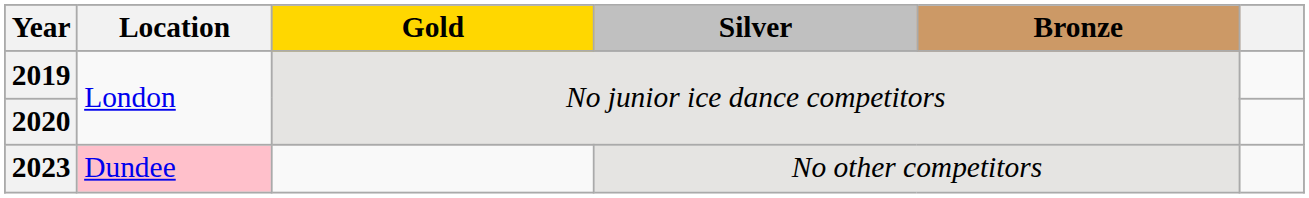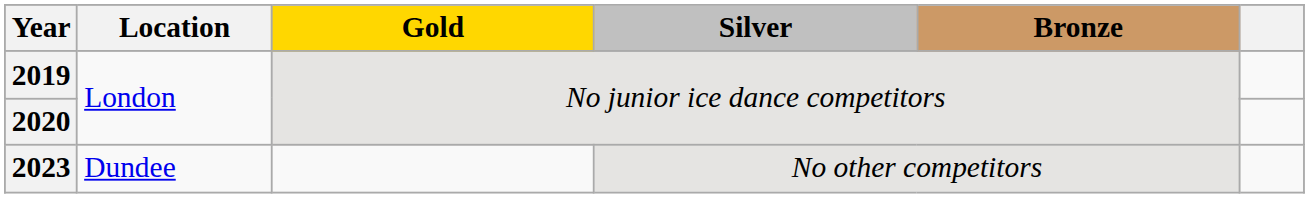 <table class="wikitable unsortable" style="text-align:left; width:80%">
 <tr>
 <th scope="col" style="text-align:center; width:5%">Year</th>
 <th scope="col" style="text-align:center; width:15%">Location</th>
 <th scope="col" style="text-align:center; width:25%; background:gold">Gold</th>
 <th scope="col" style="text-align:center; width:25%; background:silver">Silver</th>
 <th scope="col" style="text-align:center; width:25%; background:#c96">Bronze</th>
 <th scope="col" style="text-align:center; width:5%"></th>
 </tr>
 <tr>
 <th scope="row" style="text-align:left">2019</th>
 <td rowspan="2"> <a href='#'>London</a></td>
 <td colspan="3" rowspan="2" align="center" bgcolor="e5e4e2"><em>No junior ice dance competitors</em></td>
 <td></td>
 </tr>
 <tr>
 <th scope="row" style="text-align:left">2020</th>
 <td></td>
 </tr>
 <tr>
 <th scope="row" style="text-align:left">2023</th>
-<td style="background: pink;"> <a href='#'>Dundee</a></td>
+<td> <a href='#'>Dundee</a></td>
 <td></td>
 <td colspan="2" align="center" bgcolor="e5e4e2"><em>No other competitors</em></td>
 <td></td>
 </tr>
 </table>
